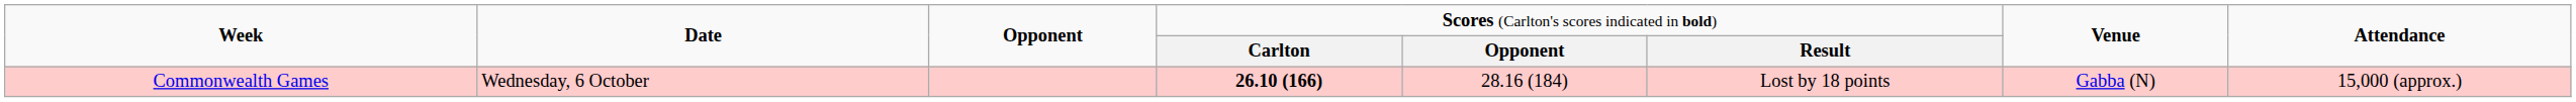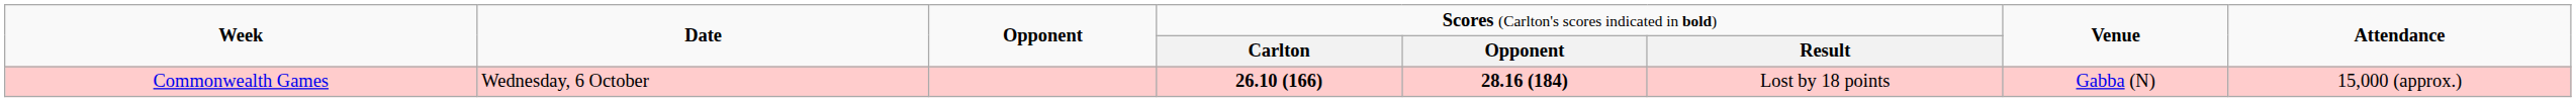 <table class="wikitable" style="font-size:90%; text-align:center; width: 100%; margin-left: auto; margin-right: auto;">
 <tr>
 <td rowspan=2><strong>Week</strong></td>
 <td rowspan=2><strong>Date</strong></td>
 <td rowspan=2><strong>Opponent</strong></td>
 <td colspan=3><strong>Scores</strong> <small>(Carlton's scores indicated in <strong>bold</strong>)</small></td>
 <td rowspan=2><strong>Venue</strong></td>
 <td rowspan=2><strong>Attendance</strong></td>
 </tr>
 <tr>
 <th>Carlton</th>
 <th>Opponent</th>
 <th>Result</th>
 </tr>
 <tr style="background:#fcc;">
 <td><a href='#'>Commonwealth Games</a></td>
 <td align=left>Wednesday, 6 October</td>
 <td align=left></td>
 <td><strong>26.10 (166)</strong></td>
-<td>28.16 (184)</td>
+<td><strong>28.16 (184)</strong></td>
 <td>Lost by 18 points</td>
 <td><a href='#'>Gabba</a> (N)</td>
 <td>15,000 (approx.)</td>
 </tr>
 </table>
